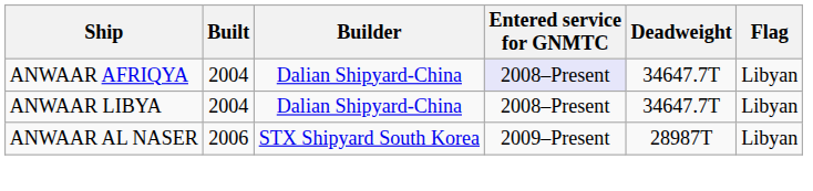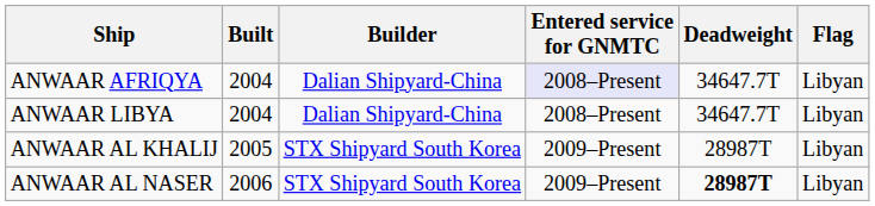 <table class="wikitable">
 <tr>
 <th>Ship</th>
 <th>Built</th>
 <th>Builder</th>
 <th>Entered service <br>for GNMTC</th>
 <th>Deadweight</th>
 <th>Flag</th>
 </tr>
 <tr>
 <td>ANWAAR <a href='#'>AFRIQYA</a></td>
 <td align="Center">2004</td>
 <td align="Center"><a href='#'>Dalian Shipyard-China</a></td>
 <td align="Center" style="background: lavender;">2008–Present</td>
 <td align="Center">34647.7T</td>
 <td>Libyan</td>
 </tr>
 <tr>
 <td>ANWAAR LIBYA</td>
 <td align="Center">2004</td>
 <td align="Center"><a href='#'>Dalian Shipyard-China</a></td>
 <td align="Center">2008–Present</td>
 <td align="Center">34647.7T</td>
 <td align="Center">Libyan</td>
 </tr>
 <tr>
-<td>ANWAAR AL NASER</td>
-<td align="Center">2006</td>
+<td>ANWAAR AL KHALIJ</td>
+<td align="Center">2005</td>
 <td align="Center"><a href='#'>STX Shipyard South Korea</a></td>
 <td align="Center">2009–Present</td>
 <td align="Center">28987T</td>
 <td align="Center">Libyan</td>
 </tr>
+<tr>
+<td>ANWAAR AL NASER</td>
+<td align="Center">2006</td>
+<td align="Center"><a href='#'>STX Shipyard South Korea</a></td>
+<td align="Center">2009–Present</td>
+<td align="Center"><strong>28987T</strong></td>
+<td align="Center">Libyan</td>
+</tr>
 </table>
